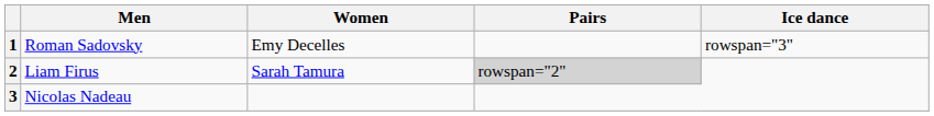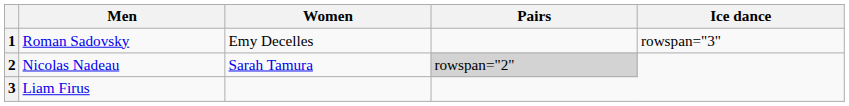 <table class="wikitable unsortable" style="text-align:left; width:70%">
 <tr>
 <th scope="col"></th>
 <th scope="col" style="width:25%">Men</th>
 <th scope="col" style="width:25%">Women</th>
 <th scope="col" style="width:25%">Pairs</th>
 <th scope="col" style="width:25%">Ice dance</th>
 </tr>
 <tr>
 <th scope="row">1</th>
 <td><a href='#'>Roman Sadovsky</a></td>
 <td>Emy Decelles</td>
 <td></td>
 <td>rowspan="3" </td>
 </tr>
 <tr>
 <th scope="row">2</th>
-<td><a href='#'>Liam Firus</a></td>
+<td><a href='#'>Nicolas Nadeau</a></td>
 <td><a href='#'>Sarah Tamura</a></td>
 <td style="background: lightgrey;">rowspan="2" </td>
 </tr>
 <tr>
 <th scope="row">3</th>
-<td><a href='#'>Nicolas Nadeau</a></td>
+<td><a href='#'>Liam Firus</a></td>
 <td></td>
 </tr>
 </table>
